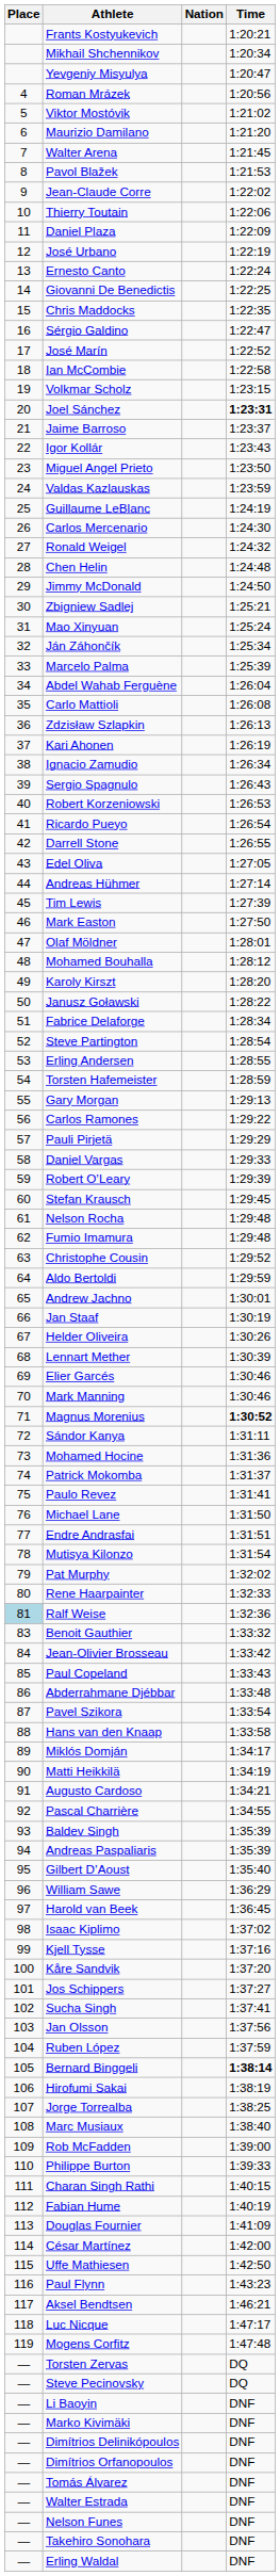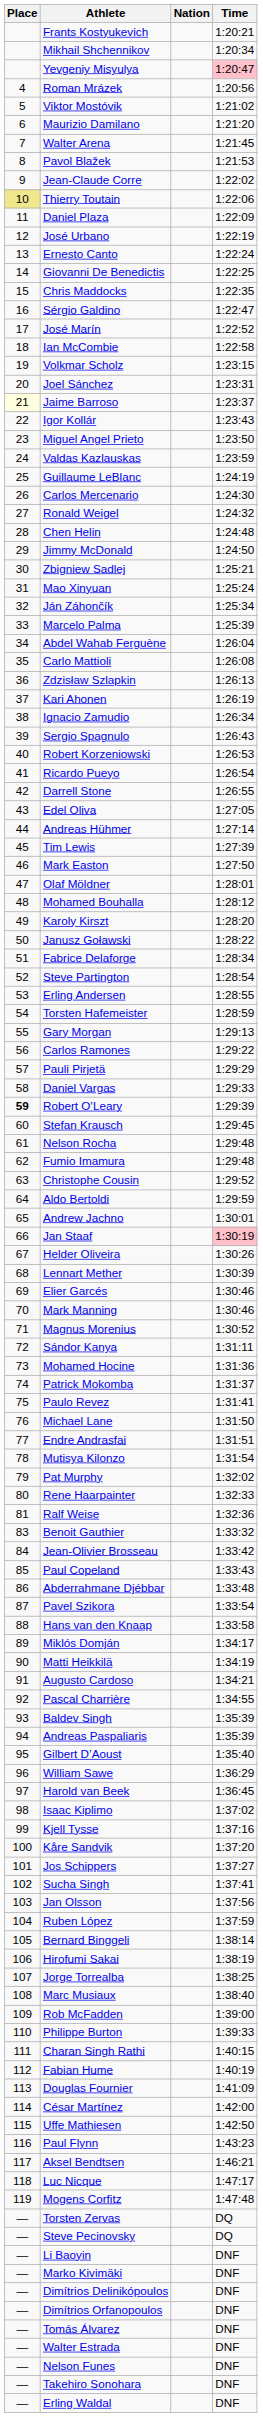 <table class=wikitable>
 <tr>
 <th>Place</th>
 <th>Athlete</th>
 <th>Nation</th>
 <th>Time</th>
 </tr>
 <tr>
 <td align=center></td>
 <td><a href='#'>Frants Kostyukevich</a></td>
 <td></td>
 <td>1:20:21</td>
 </tr>
 <tr>
 <td align=center></td>
 <td><a href='#'>Mikhail Shchennikov</a></td>
 <td></td>
 <td>1:20:34</td>
 </tr>
 <tr>
 <td align=center></td>
 <td><a href='#'>Yevgeniy Misyulya</a></td>
 <td></td>
-<td>1:20:47</td>
+<td style="background: pink;">1:20:47</td>
 </tr>
 <tr>
 <td align=center>4</td>
 <td><a href='#'>Roman Mrázek</a></td>
 <td></td>
 <td>1:20:56</td>
 </tr>
 <tr>
 <td align=center>5</td>
 <td><a href='#'>Viktor Mostóvik</a></td>
 <td></td>
 <td>1:21:02</td>
 </tr>
 <tr>
 <td align=center>6</td>
 <td><a href='#'>Maurizio Damilano</a></td>
 <td></td>
 <td>1:21:20</td>
 </tr>
 <tr>
 <td align=center>7</td>
 <td><a href='#'>Walter Arena</a></td>
 <td></td>
 <td>1:21:45</td>
 </tr>
 <tr>
 <td align=center>8</td>
 <td><a href='#'>Pavol Blažek</a></td>
 <td></td>
 <td>1:21:53</td>
 </tr>
 <tr>
 <td align=center>9</td>
 <td><a href='#'>Jean-Claude Corre</a></td>
 <td></td>
 <td>1:22:02</td>
 </tr>
 <tr>
-<td align=center>10</td>
+<td align=center style="background: khaki;">10</td>
 <td><a href='#'>Thierry Toutain</a></td>
 <td></td>
 <td>1:22:06</td>
 </tr>
 <tr>
 <td align=center>11</td>
 <td><a href='#'>Daniel Plaza</a></td>
 <td></td>
 <td>1:22:09</td>
 </tr>
 <tr>
 <td align=center>12</td>
 <td><a href='#'>José Urbano</a></td>
 <td></td>
 <td>1:22:19</td>
 </tr>
 <tr>
 <td align=center>13</td>
 <td><a href='#'>Ernesto Canto</a></td>
 <td></td>
 <td>1:22:24</td>
 </tr>
 <tr>
 <td align=center>14</td>
 <td><a href='#'>Giovanni De Benedictis</a></td>
 <td></td>
 <td>1:22:25</td>
 </tr>
 <tr>
 <td align=center>15</td>
 <td><a href='#'>Chris Maddocks</a></td>
 <td></td>
 <td>1:22:35</td>
 </tr>
 <tr>
 <td align=center>16</td>
 <td><a href='#'>Sérgio Galdino</a></td>
 <td></td>
 <td>1:22:47</td>
 </tr>
 <tr>
 <td align=center>17</td>
 <td><a href='#'>José Marín</a></td>
 <td></td>
 <td>1:22:52</td>
 </tr>
 <tr>
 <td align=center>18</td>
 <td><a href='#'>Ian McCombie</a></td>
 <td></td>
 <td>1:22:58</td>
 </tr>
 <tr>
 <td align=center>19</td>
 <td><a href='#'>Volkmar Scholz</a></td>
 <td></td>
 <td>1:23:15</td>
 </tr>
 <tr>
 <td align=center>20</td>
 <td><a href='#'>Joel Sánchez</a></td>
 <td></td>
-<td><strong>1:23:31</strong></td>
+<td>1:23:31</td>
 </tr>
 <tr>
-<td align=center>21</td>
+<td align=center style="background: lightyellow;">21</td>
 <td><a href='#'>Jaime Barroso</a></td>
 <td></td>
 <td>1:23:37</td>
 </tr>
 <tr>
 <td align=center>22</td>
 <td><a href='#'>Igor Kollár</a></td>
 <td></td>
 <td>1:23:43</td>
 </tr>
 <tr>
 <td align=center>23</td>
 <td><a href='#'>Miguel Angel Prieto</a></td>
 <td></td>
 <td>1:23:50</td>
 </tr>
 <tr>
 <td align=center>24</td>
 <td><a href='#'>Valdas Kazlauskas</a></td>
 <td></td>
 <td>1:23:59</td>
 </tr>
 <tr>
 <td align=center>25</td>
 <td><a href='#'>Guillaume LeBlanc</a></td>
 <td></td>
 <td>1:24:19</td>
 </tr>
 <tr>
 <td align=center>26</td>
 <td><a href='#'>Carlos Mercenario</a></td>
 <td></td>
 <td>1:24:30</td>
 </tr>
 <tr>
 <td align=center>27</td>
 <td><a href='#'>Ronald Weigel</a></td>
 <td></td>
 <td>1:24:32</td>
 </tr>
 <tr>
 <td align=center>28</td>
 <td><a href='#'>Chen Helin</a></td>
 <td></td>
 <td>1:24:48</td>
 </tr>
 <tr>
 <td align=center>29</td>
 <td><a href='#'>Jimmy McDonald</a></td>
 <td></td>
 <td>1:24:50</td>
 </tr>
 <tr>
 <td align=center>30</td>
 <td><a href='#'>Zbigniew Sadlej</a></td>
 <td></td>
 <td>1:25:21</td>
 </tr>
 <tr>
 <td align=center>31</td>
 <td><a href='#'>Mao Xinyuan</a></td>
 <td></td>
 <td>1:25:24</td>
 </tr>
 <tr>
 <td align=center>32</td>
 <td><a href='#'>Ján Záhončík</a></td>
 <td></td>
 <td>1:25:34</td>
 </tr>
 <tr>
 <td align=center>33</td>
 <td><a href='#'>Marcelo Palma</a></td>
 <td></td>
 <td>1:25:39</td>
 </tr>
 <tr>
 <td align=center>34</td>
 <td><a href='#'>Abdel Wahab Ferguène</a></td>
 <td></td>
 <td>1:26:04</td>
 </tr>
 <tr>
 <td align=center>35</td>
 <td><a href='#'>Carlo Mattioli</a></td>
 <td></td>
 <td>1:26:08</td>
 </tr>
 <tr>
 <td align=center>36</td>
 <td><a href='#'>Zdzisław Szlapkin</a></td>
 <td></td>
 <td>1:26:13</td>
 </tr>
 <tr>
 <td align=center>37</td>
 <td><a href='#'>Kari Ahonen</a></td>
 <td></td>
 <td>1:26:19</td>
 </tr>
 <tr>
 <td align=center>38</td>
 <td><a href='#'>Ignacio Zamudio</a></td>
 <td></td>
 <td>1:26:34</td>
 </tr>
 <tr>
 <td align=center>39</td>
 <td><a href='#'>Sergio Spagnulo</a></td>
 <td></td>
 <td>1:26:43</td>
 </tr>
 <tr>
 <td align=center>40</td>
 <td><a href='#'>Robert Korzeniowski</a></td>
 <td></td>
 <td>1:26:53</td>
 </tr>
 <tr>
 <td align=center>41</td>
 <td><a href='#'>Ricardo Pueyo</a></td>
 <td></td>
 <td>1:26:54</td>
 </tr>
 <tr>
 <td align=center>42</td>
 <td><a href='#'>Darrell Stone</a></td>
 <td></td>
 <td>1:26:55</td>
 </tr>
 <tr>
 <td align=center>43</td>
 <td><a href='#'>Edel Oliva</a></td>
 <td></td>
 <td>1:27:05</td>
 </tr>
 <tr>
 <td align=center>44</td>
 <td><a href='#'>Andreas Hühmer</a></td>
 <td></td>
 <td>1:27:14</td>
 </tr>
 <tr>
 <td align=center>45</td>
 <td><a href='#'>Tim Lewis</a></td>
 <td></td>
 <td>1:27:39</td>
 </tr>
 <tr>
 <td align=center>46</td>
 <td><a href='#'>Mark Easton</a></td>
 <td></td>
 <td>1:27:50</td>
 </tr>
 <tr>
 <td align=center>47</td>
 <td><a href='#'>Olaf Möldner</a></td>
 <td></td>
 <td>1:28:01</td>
 </tr>
 <tr>
 <td align=center>48</td>
 <td><a href='#'>Mohamed Bouhalla</a></td>
 <td></td>
 <td>1:28:12</td>
 </tr>
 <tr>
 <td align=center>49</td>
 <td><a href='#'>Karoly Kirszt</a></td>
 <td></td>
 <td>1:28:20</td>
 </tr>
 <tr>
 <td align=center>50</td>
 <td><a href='#'>Janusz Goławski</a></td>
 <td></td>
 <td>1:28:22</td>
 </tr>
 <tr>
 <td align=center>51</td>
 <td><a href='#'>Fabrice Delaforge</a></td>
 <td></td>
 <td>1:28:34</td>
 </tr>
 <tr>
 <td align=center>52</td>
 <td><a href='#'>Steve Partington</a></td>
 <td></td>
 <td>1:28:54</td>
 </tr>
 <tr>
 <td align=center>53</td>
 <td><a href='#'>Erling Andersen</a></td>
 <td></td>
 <td>1:28:55</td>
 </tr>
 <tr>
 <td align=center>54</td>
 <td><a href='#'>Torsten Hafemeister</a></td>
 <td></td>
 <td>1:28:59</td>
 </tr>
 <tr>
 <td align=center>55</td>
 <td><a href='#'>Gary Morgan</a></td>
 <td></td>
 <td>1:29:13</td>
 </tr>
 <tr>
 <td align=center>56</td>
 <td><a href='#'>Carlos Ramones</a></td>
 <td></td>
 <td>1:29:22</td>
 </tr>
 <tr>
 <td align=center>57</td>
 <td><a href='#'>Pauli Pirjetä</a></td>
 <td></td>
 <td>1:29:29</td>
 </tr>
 <tr>
 <td align=center>58</td>
 <td><a href='#'>Daniel Vargas</a></td>
 <td></td>
 <td>1:29:33</td>
 </tr>
 <tr>
-<td align=center>59</td>
+<td align=center><strong>59</strong></td>
 <td><a href='#'>Robert OʼLeary</a></td>
 <td></td>
 <td>1:29:39</td>
 </tr>
 <tr>
 <td align=center>60</td>
 <td><a href='#'>Stefan Krausch</a></td>
 <td></td>
 <td>1:29:45</td>
 </tr>
 <tr>
 <td align=center>61</td>
 <td><a href='#'>Nelson Rocha</a></td>
 <td></td>
 <td>1:29:48</td>
 </tr>
 <tr>
 <td align=center>62</td>
 <td><a href='#'>Fumio Imamura</a></td>
 <td></td>
 <td>1:29:48</td>
 </tr>
 <tr>
 <td align=center>63</td>
 <td><a href='#'>Christophe Cousin</a></td>
 <td></td>
 <td>1:29:52</td>
 </tr>
 <tr>
 <td align=center>64</td>
 <td><a href='#'>Aldo Bertoldi</a></td>
 <td></td>
 <td>1:29:59</td>
 </tr>
 <tr>
 <td align=center>65</td>
 <td><a href='#'>Andrew Jachno</a></td>
 <td></td>
 <td>1:30:01</td>
 </tr>
 <tr>
 <td align=center>66</td>
 <td><a href='#'>Jan Staaf</a></td>
 <td></td>
-<td>1:30:19</td>
+<td style="background: pink;">1:30:19</td>
 </tr>
 <tr>
 <td align=center>67</td>
 <td><a href='#'>Helder Oliveira</a></td>
 <td></td>
 <td>1:30:26</td>
 </tr>
 <tr>
 <td align=center>68</td>
 <td><a href='#'>Lennart Mether</a></td>
 <td></td>
 <td>1:30:39</td>
 </tr>
 <tr>
 <td align=center>69</td>
 <td><a href='#'>Elier Garcés</a></td>
 <td></td>
 <td>1:30:46</td>
 </tr>
 <tr>
 <td align=center>70</td>
 <td><a href='#'>Mark Manning</a></td>
 <td></td>
 <td>1:30:46</td>
 </tr>
 <tr>
 <td align=center>71</td>
 <td><a href='#'>Magnus Morenius</a></td>
 <td></td>
-<td><strong>1:30:52</strong></td>
+<td>1:30:52</td>
 </tr>
 <tr>
 <td align=center>72</td>
 <td><a href='#'>Sándor Kanya</a></td>
 <td></td>
 <td>1:31:11</td>
 </tr>
 <tr>
 <td align=center>73</td>
 <td><a href='#'>Mohamed Hocine</a></td>
 <td></td>
 <td>1:31:36</td>
 </tr>
 <tr>
 <td align=center>74</td>
 <td><a href='#'>Patrick Mokomba</a></td>
 <td></td>
 <td>1:31:37</td>
 </tr>
 <tr>
 <td align=center>75</td>
 <td><a href='#'>Paulo Revez</a></td>
 <td></td>
 <td>1:31:41</td>
 </tr>
 <tr>
 <td align=center>76</td>
 <td><a href='#'>Michael Lane</a></td>
 <td></td>
 <td>1:31:50</td>
 </tr>
 <tr>
 <td align=center>77</td>
 <td><a href='#'>Endre Andrasfai</a></td>
 <td></td>
 <td>1:31:51</td>
 </tr>
 <tr>
 <td align=center>78</td>
 <td><a href='#'>Mutisya Kilonzo</a></td>
 <td></td>
 <td>1:31:54</td>
 </tr>
 <tr>
 <td align=center>79</td>
 <td><a href='#'>Pat Murphy</a></td>
 <td></td>
 <td>1:32:02</td>
 </tr>
 <tr>
 <td align=center>80</td>
 <td><a href='#'>Rene Haarpainter</a></td>
 <td></td>
 <td>1:32:33</td>
 </tr>
 <tr>
-<td align=center style="background: lightblue;">81</td>
+<td align=center>81</td>
 <td><a href='#'>Ralf Weise</a></td>
 <td></td>
 <td>1:32:36</td>
 </tr>
 <tr>
 <td align=center>83</td>
 <td><a href='#'>Benoit Gauthier</a></td>
 <td></td>
 <td>1:33:32</td>
 </tr>
 <tr>
 <td align=center>84</td>
 <td><a href='#'>Jean-Olivier Brosseau</a></td>
 <td></td>
 <td>1:33:42</td>
 </tr>
 <tr>
 <td align=center>85</td>
 <td><a href='#'>Paul Copeland</a></td>
 <td></td>
 <td>1:33:43</td>
 </tr>
 <tr>
 <td align=center>86</td>
 <td><a href='#'>Abderrahmane Djébbar</a></td>
 <td></td>
 <td>1:33:48</td>
 </tr>
 <tr>
 <td align=center>87</td>
 <td><a href='#'>Pavel Szikora</a></td>
 <td></td>
 <td>1:33:54</td>
 </tr>
 <tr>
 <td align=center>88</td>
 <td><a href='#'>Hans van den Knaap</a></td>
 <td></td>
 <td>1:33:58</td>
 </tr>
 <tr>
 <td align=center>89</td>
 <td><a href='#'>Miklós Domján</a></td>
 <td></td>
 <td>1:34:17</td>
 </tr>
 <tr>
 <td align=center>90</td>
 <td><a href='#'>Matti Heikkilä</a></td>
 <td></td>
 <td>1:34:19</td>
 </tr>
 <tr>
 <td align=center>91</td>
 <td><a href='#'>Augusto Cardoso</a></td>
 <td></td>
 <td>1:34:21</td>
 </tr>
 <tr>
 <td align=center>92</td>
 <td><a href='#'>Pascal Charrière</a></td>
 <td></td>
 <td>1:34:55</td>
 </tr>
 <tr>
 <td align=center>93</td>
 <td><a href='#'>Baldev Singh</a></td>
 <td></td>
 <td>1:35:39</td>
 </tr>
 <tr>
 <td align=center>94</td>
 <td><a href='#'>Andreas Paspaliaris</a></td>
 <td></td>
 <td>1:35:39</td>
 </tr>
 <tr>
 <td align=center>95</td>
 <td><a href='#'>Gilbert DʼAoust</a></td>
 <td></td>
 <td>1:35:40</td>
 </tr>
 <tr>
 <td align=center>96</td>
 <td><a href='#'>William Sawe</a></td>
 <td></td>
 <td>1:36:29</td>
 </tr>
 <tr>
 <td align=center>97</td>
 <td><a href='#'>Harold van Beek</a></td>
 <td></td>
 <td>1:36:45</td>
 </tr>
 <tr>
 <td align=center>98</td>
 <td><a href='#'>Isaac Kiplimo</a></td>
 <td></td>
 <td>1:37:02</td>
 </tr>
 <tr>
 <td align=center>99</td>
 <td><a href='#'>Kjell Tysse</a></td>
 <td></td>
 <td>1:37:16</td>
 </tr>
 <tr>
 <td align=center>100</td>
 <td><a href='#'>Kåre Sandvik</a></td>
 <td></td>
 <td>1:37:20</td>
 </tr>
 <tr>
 <td align=center>101</td>
 <td><a href='#'>Jos Schippers</a></td>
 <td></td>
 <td>1:37:27</td>
 </tr>
 <tr>
 <td align=center>102</td>
 <td><a href='#'>Sucha Singh</a></td>
 <td></td>
 <td>1:37:41</td>
 </tr>
 <tr>
 <td align=center>103</td>
 <td><a href='#'>Jan Olsson</a></td>
 <td></td>
 <td>1:37:56</td>
 </tr>
 <tr>
 <td align=center>104</td>
 <td><a href='#'>Ruben López</a></td>
 <td></td>
 <td>1:37:59</td>
 </tr>
 <tr>
 <td align=center>105</td>
 <td><a href='#'>Bernard Binggeli</a></td>
 <td></td>
-<td><strong>1:38:14</strong></td>
+<td>1:38:14</td>
 </tr>
 <tr>
 <td align=center>106</td>
 <td><a href='#'>Hirofumi Sakai</a></td>
 <td></td>
 <td>1:38:19</td>
 </tr>
 <tr>
 <td align=center>107</td>
 <td><a href='#'>Jorge Torrealba</a></td>
 <td></td>
 <td>1:38:25</td>
 </tr>
 <tr>
 <td align=center>108</td>
 <td><a href='#'>Marc Musiaux</a></td>
 <td></td>
 <td>1:38:40</td>
 </tr>
 <tr>
 <td align=center>109</td>
 <td><a href='#'>Rob McFadden</a></td>
 <td></td>
 <td>1:39:00</td>
 </tr>
 <tr>
 <td align=center>110</td>
 <td><a href='#'>Philippe Burton</a></td>
 <td></td>
 <td>1:39:33</td>
 </tr>
 <tr>
 <td align=center>111</td>
 <td><a href='#'>Charan Singh Rathi</a></td>
 <td></td>
 <td>1:40:15</td>
 </tr>
 <tr>
 <td align=center>112</td>
 <td><a href='#'>Fabian Hume</a></td>
 <td></td>
 <td>1:40:19</td>
 </tr>
 <tr>
 <td align=center>113</td>
 <td><a href='#'>Douglas Fournier</a></td>
 <td></td>
 <td>1:41:09</td>
 </tr>
 <tr>
 <td align=center>114</td>
 <td><a href='#'>César Martínez</a></td>
 <td></td>
 <td>1:42:00</td>
 </tr>
 <tr>
 <td align=center>115</td>
 <td><a href='#'>Uffe Mathiesen</a></td>
 <td></td>
 <td>1:42:50</td>
 </tr>
 <tr>
 <td align=center>116</td>
 <td><a href='#'>Paul Flynn</a></td>
 <td></td>
 <td>1:43:23</td>
 </tr>
 <tr>
 <td align=center>117</td>
 <td><a href='#'>Aksel Bendtsen</a></td>
 <td></td>
 <td>1:46:21</td>
 </tr>
 <tr>
 <td align=center>118</td>
 <td><a href='#'>Luc Nicque</a></td>
 <td></td>
 <td>1:47:17</td>
 </tr>
 <tr>
 <td align=center>119</td>
 <td><a href='#'>Mogens Corfitz</a></td>
 <td></td>
 <td>1:47:48</td>
 </tr>
 <tr>
 <td align=center>—</td>
 <td><a href='#'>Torsten Zervas</a></td>
 <td></td>
 <td>DQ</td>
 </tr>
 <tr>
 <td align=center>—</td>
 <td><a href='#'>Steve Pecinovsky</a></td>
 <td></td>
 <td>DQ</td>
 </tr>
 <tr>
 <td align=center>—</td>
 <td><a href='#'>Li Baoyin</a></td>
 <td></td>
 <td>DNF</td>
 </tr>
 <tr>
 <td align=center>—</td>
 <td><a href='#'>Marko Kivimäki</a></td>
 <td></td>
 <td>DNF</td>
 </tr>
 <tr>
 <td align=center>—</td>
 <td><a href='#'>Dimítrios Delinikópoulos</a></td>
 <td></td>
 <td>DNF</td>
 </tr>
 <tr>
 <td align=center>—</td>
 <td><a href='#'>Dimítrios Orfanopoulos</a></td>
 <td></td>
 <td>DNF</td>
 </tr>
 <tr>
 <td align=center>—</td>
 <td><a href='#'>Tomás Álvarez</a></td>
 <td></td>
 <td>DNF</td>
 </tr>
 <tr>
 <td align=center>—</td>
 <td><a href='#'>Walter Estrada</a></td>
 <td></td>
 <td>DNF</td>
 </tr>
 <tr>
 <td align=center>—</td>
 <td><a href='#'>Nelson Funes</a></td>
 <td></td>
 <td>DNF</td>
 </tr>
 <tr>
 <td align=center>—</td>
 <td><a href='#'>Takehiro Sonohara</a></td>
 <td></td>
 <td>DNF</td>
 </tr>
 <tr>
 <td align=center>—</td>
 <td><a href='#'>Erling Waldal</a></td>
 <td></td>
 <td>DNF</td>
 </tr>
 </table>
